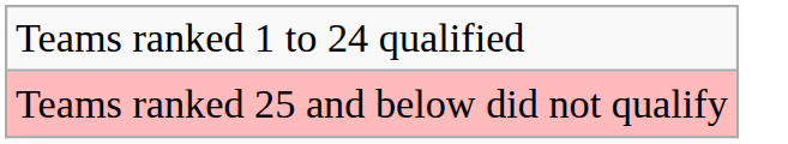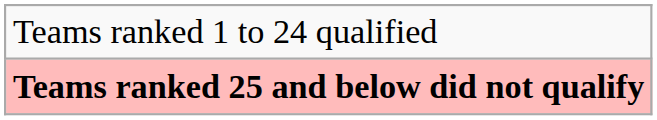 <table class="wikitable">
 <tr>
 <td>Teams ranked 1 to 24 qualified</td>
 </tr>
 <tr style="background-color:#FFBBBB">
-<td>Teams ranked 25 and below did not qualify</td>
+<td><strong>Teams ranked 25 and below did not qualify</strong></td>
 </tr>
 </table>
